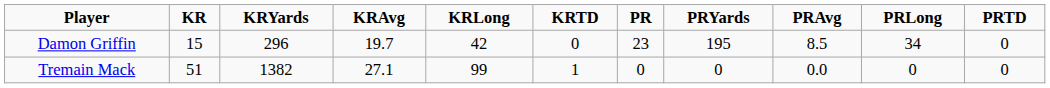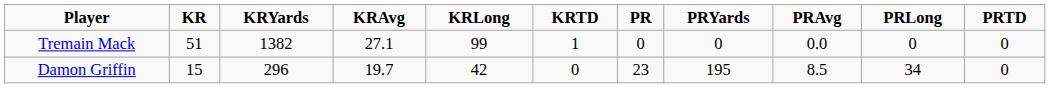 <table class="wikitable" width="80%">
 <tr align="center">
 <td><strong>Player</strong></td>
 <td><strong>KR</strong></td>
 <td><strong>KRYards</strong></td>
 <td><strong>KRAvg</strong></td>
 <td><strong>KRLong</strong></td>
 <td><strong>KRTD</strong></td>
 <td><strong>PR</strong></td>
 <td><strong>PRYards</strong></td>
 <td><strong>PRAvg</strong></td>
 <td><strong>PRLong</strong></td>
 <td><strong>PRTD</strong></td>
 </tr>
 <tr align="center" bgcolor="">
+<td><a href='#'>Tremain Mack</a></td>
+<td>51</td>
+<td>1382</td>
+<td>27.1</td>
+<td>99</td>
+<td>1</td>
+<td>0</td>
+<td>0</td>
+<td>0.0</td>
+<td>0</td>
+<td>0</td>
+</tr>
+<tr align="center" bgcolor="">
 <td><a href='#'>Damon Griffin</a></td>
 <td>15</td>
 <td>296</td>
 <td>19.7</td>
 <td>42</td>
 <td>0</td>
 <td>23</td>
 <td>195</td>
 <td>8.5</td>
 <td>34</td>
 <td>0</td>
 </tr>
-<tr align="center" bgcolor="">
-<td><a href='#'>Tremain Mack</a></td>
-<td>51</td>
-<td>1382</td>
-<td>27.1</td>
-<td>99</td>
-<td>1</td>
-<td>0</td>
-<td>0</td>
-<td>0.0</td>
-<td>0</td>
-<td>0</td>
-</tr>
 </table>
